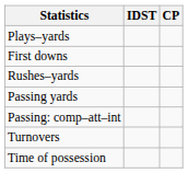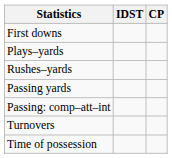 <table class="wikitable" style="float:left">
 <tr>
 <th>Statistics</th>
 <th>IDST</th>
 <th>CP</th>
 </tr>
 <tr>
-<td>Plays–yards</td>
+<td>First downs</td>
 <td></td>
 <td></td>
 </tr>
 <tr>
-<td>First downs</td>
+<td>Plays–yards</td>
 <td></td>
 <td></td>
 </tr>
 <tr>
 <td>Rushes–yards</td>
 <td></td>
 <td></td>
 </tr>
 <tr>
 <td>Passing yards</td>
 <td></td>
 <td></td>
 </tr>
 <tr>
 <td>Passing: comp–att–int</td>
 <td></td>
 <td></td>
 </tr>
 <tr>
 <td>Turnovers</td>
 <td></td>
 <td></td>
 </tr>
 <tr>
 <td>Time of possession</td>
 <td></td>
 <td></td>
 </tr>
 </table>
